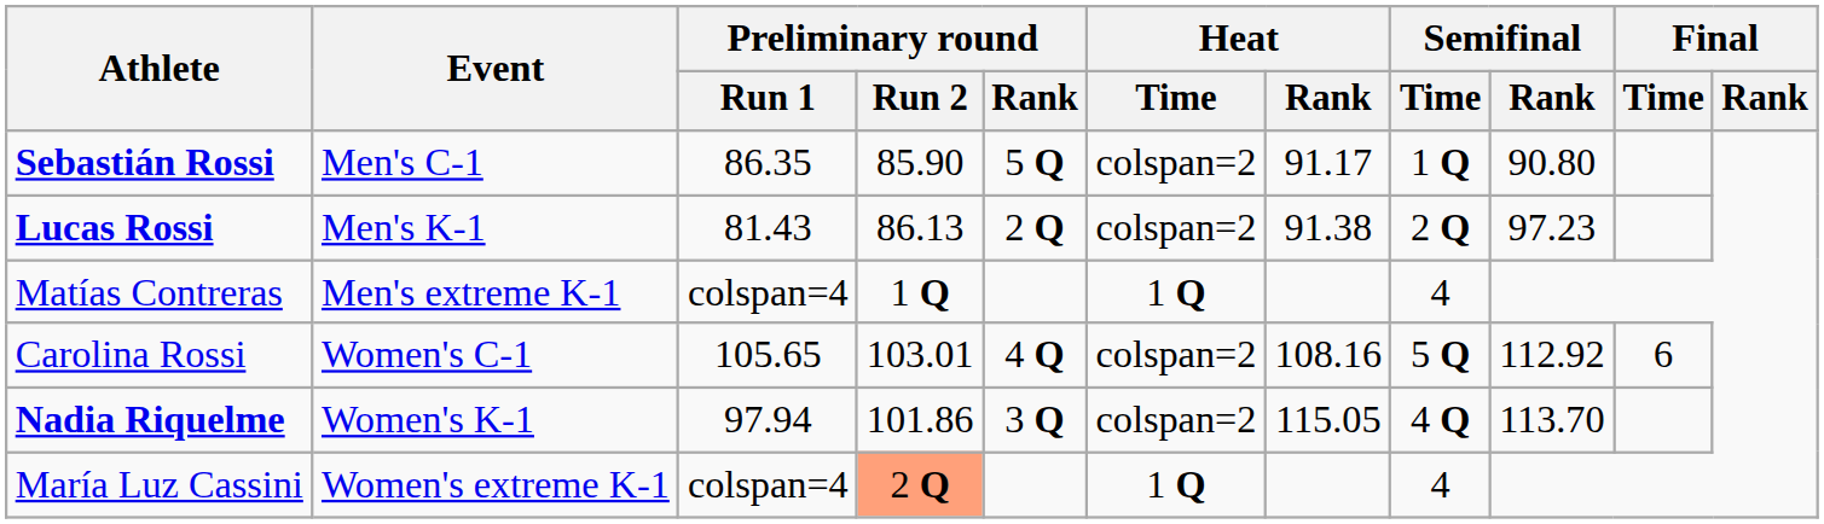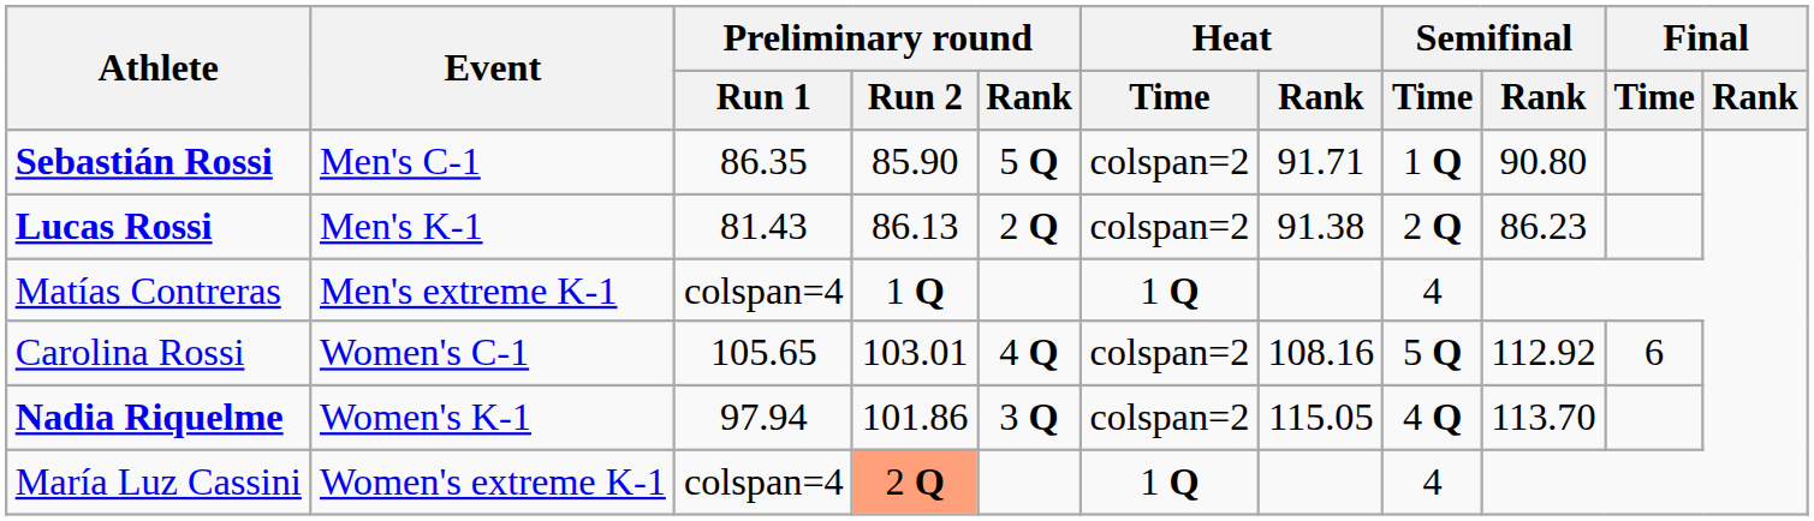 <table class="wikitable" style="font-size:90%;text-align:center">
 <tr>
 <th rowspan=2>Athlete</th>
 <th rowspan=2>Event</th>
 <th colspan=3>Preliminary round</th>
 <th colspan=2>Heat</th>
 <th colspan=2>Semifinal</th>
 <th colspan=2>Final</th>
 </tr>
 <tr style=font-size:95%>
 <th>Run 1</th>
 <th>Run 2</th>
 <th>Rank</th>
 <th>Time</th>
 <th>Rank</th>
 <th>Time</th>
 <th>Rank</th>
 <th>Time</th>
 <th>Rank</th>
 </tr>
 <tr>
 <td style="text-align:left"><strong><a href='#'>Sebastián Rossi</a></strong></td>
 <td style="text-align:left"><a href='#'>Men's C-1</a></td>
 <td>86.35</td>
 <td>85.90</td>
 <td>5 <strong>Q</strong></td>
 <td>colspan=2 </td>
-<td>91.17</td>
+<td>91.71</td>
 <td>1 <strong>Q</strong></td>
 <td>90.80</td>
 <td></td>
 </tr>
 <tr>
 <td style="text-align:left"><strong><a href='#'>Lucas Rossi</a></strong></td>
 <td style="text-align:left"><a href='#'>Men's K-1</a></td>
 <td>81.43</td>
 <td>86.13</td>
 <td>2 <strong>Q</strong></td>
 <td>colspan=2 </td>
 <td>91.38</td>
 <td>2 <strong>Q</strong></td>
-<td>97.23</td>
+<td>86.23</td>
 <td></td>
 </tr>
 <tr>
 <td style="text-align:left"><a href='#'>Matías Contreras</a></td>
 <td style="text-align:left"><a href='#'>Men's extreme K-1</a></td>
 <td>colspan=4 </td>
 <td>1 <strong>Q</strong></td>
 <td></td>
 <td>1 <strong>Q</strong></td>
 <td></td>
 <td>4</td>
 </tr>
 <tr>
 <td style="text-align:left"><a href='#'>Carolina Rossi</a></td>
 <td style="text-align:left"><a href='#'>Women's C-1</a></td>
 <td>105.65</td>
 <td>103.01</td>
 <td>4 <strong>Q</strong></td>
 <td>colspan=2 </td>
 <td>108.16</td>
 <td>5 <strong>Q</strong></td>
 <td>112.92</td>
 <td>6</td>
 </tr>
 <tr>
 <td style="text-align:left"><strong><a href='#'>Nadia Riquelme</a></strong></td>
 <td style="text-align:left"><a href='#'>Women's K-1</a></td>
 <td>97.94</td>
 <td>101.86</td>
 <td>3 <strong>Q</strong></td>
 <td>colspan=2 </td>
 <td>115.05</td>
 <td>4 <strong>Q</strong></td>
 <td>113.70</td>
 <td></td>
 </tr>
 <tr>
 <td style="text-align:left"><a href='#'>María Luz Cassini</a></td>
 <td style="text-align:left"><a href='#'>Women's extreme K-1</a></td>
 <td>colspan=4 </td>
 <td style="background: lightsalmon;">2 <strong>Q</strong></td>
 <td></td>
 <td>1 <strong>Q</strong></td>
 <td></td>
 <td>4</td>
 </tr>
 </table>
